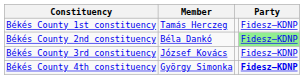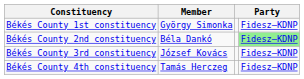 <table class="wikitable">
 <tr>
 <th>Constituency</th>
 <th>Member</th>
 <th colspan="2">Party</th>
 </tr>
 <tr>
 <td><a href='#'>Békés County 1st constituency</a></td>
-<td><a href='#'>Tamás Herczeg</a></td>
+<td><a href='#'>György Simonka</a></td>
 <td style="background-color: "></td>
 <td><a href='#'>Fidesz–KDNP</a></td>
 </tr>
 <tr>
 <td><a href='#'>Békés County 2nd constituency</a></td>
 <td><a href='#'>Béla Dankó</a></td>
 <td style="background-color: "></td>
 <td style="background: lightgreen;"><a href='#'>Fidesz–KDNP</a></td>
 </tr>
 <tr>
 <td><a href='#'>Békés County 3rd constituency</a></td>
 <td><a href='#'>József Kovács</a></td>
 <td style="background-color: "></td>
 <td><a href='#'>Fidesz–KDNP</a></td>
 </tr>
 <tr>
 <td><a href='#'>Békés County 4th constituency</a></td>
-<td><a href='#'>György Simonka</a></td>
+<td><a href='#'>Tamás Herczeg</a></td>
 <td style="background-color: "></td>
-<td><strong><a href='#'>Fidesz–KDNP</a></strong></td>
+<td><a href='#'>Fidesz–KDNP</a></td>
 </tr>
 </table>
